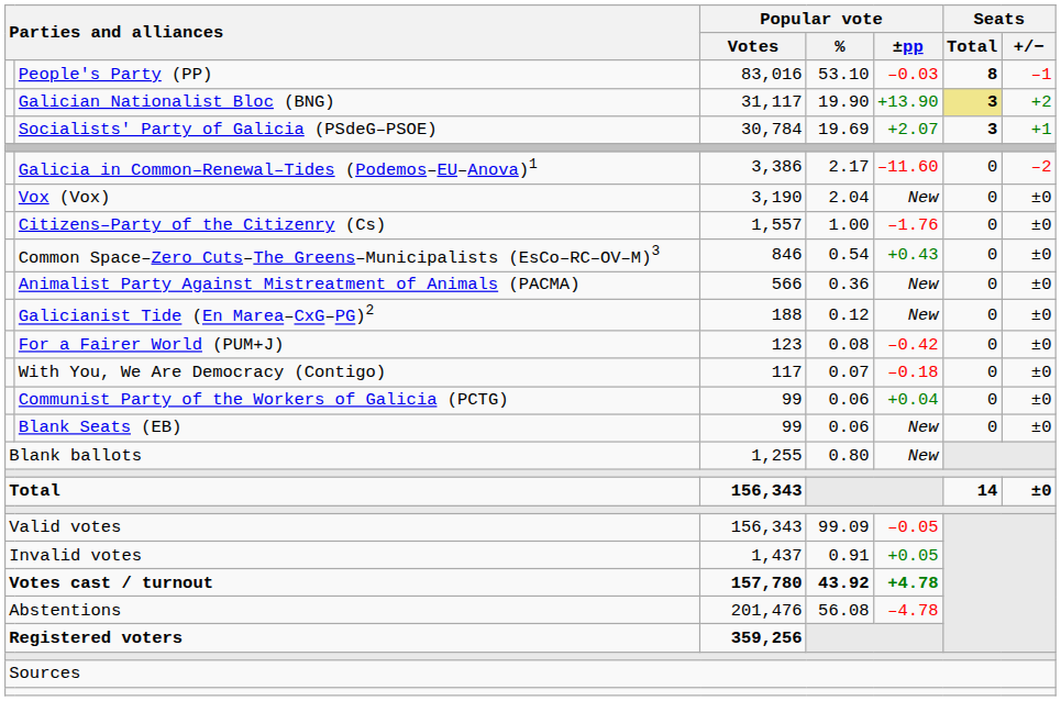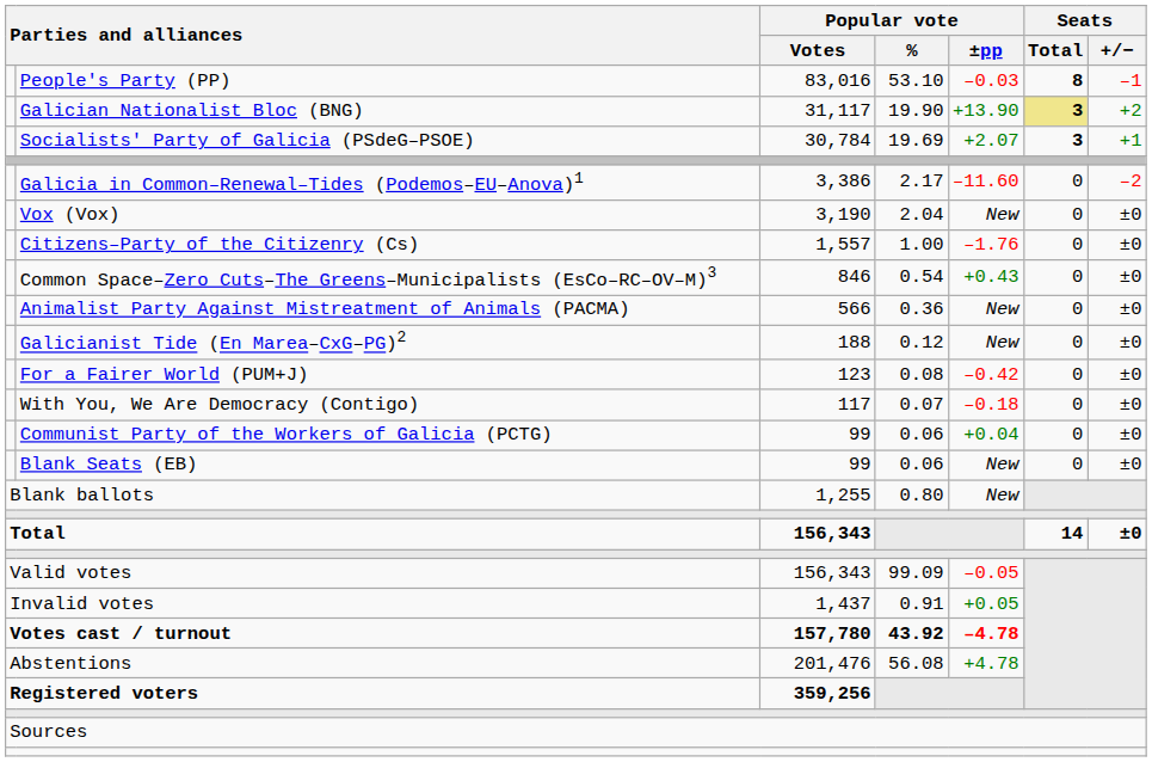 <table class="wikitable" style="text-align:right;">
 <tr>
 <th style="text-align:left;" rowspan="2" colspan="2" width="525">Parties and alliances</th>
 <th colspan="3">Popular vote</th>
 <th colspan="2">Seats</th>
 </tr>
 <tr>
 <th width="75">Votes</th>
 <th width="45">%</th>
 <th width="45">±<a href='#'>pp</a></th>
 <th width="35">Total</th>
 <th width="35">+/−</th>
 </tr>
 <tr>
 <td width="1" style="color:inherit;background:"></td>
 <td align="left"><a href='#'>People's Party</a> (PP)</td>
 <td>83,016</td>
 <td>53.10</td>
 <td style="color:red;">–0.03</td>
 <td><strong>8</strong></td>
 <td style="color:red;">–1</td>
 </tr>
 <tr>
 <td style="color:inherit;background:"></td>
 <td align="left"><a href='#'>Galician Nationalist Bloc</a> (BNG)</td>
 <td>31,117</td>
 <td>19.90</td>
 <td style="color:green;">+13.90</td>
 <td style="background: khaki;"><strong>3</strong></td>
 <td style="color:green;">+2</td>
 </tr>
 <tr>
 <td style="color:inherit;background:"></td>
 <td align="left"><a href='#'>Socialists' Party of Galicia</a> (PSdeG–PSOE)</td>
 <td>30,784</td>
 <td>19.69</td>
 <td style="color:green;">+2.07</td>
 <td><strong>3</strong></td>
 <td style="color:green;">+1</td>
 </tr>
 <tr>
 <td colspan="7" bgcolor="#C0C0C0"></td>
 </tr>
 <tr>
 <td style="color:inherit;background:"></td>
 <td align="left"><a href='#'>Galicia in Common–Renewal–Tides</a> (<a href='#'>Podemos</a>–<a href='#'>EU</a>–<a href='#'>Anova</a>)<sup>1</sup></td>
 <td>3,386</td>
 <td>2.17</td>
 <td style="color:red;">–11.60</td>
 <td>0</td>
 <td style="color:red;">–2</td>
 </tr>
 <tr>
 <td style="color:inherit;background:"></td>
 <td align="left"><a href='#'>Vox</a> (Vox)</td>
 <td>3,190</td>
 <td>2.04</td>
 <td><em>New</em></td>
 <td>0</td>
 <td>±0</td>
 </tr>
 <tr>
 <td style="color:inherit;background:"></td>
 <td align="left"><a href='#'>Citizens–Party of the Citizenry</a> (Cs)</td>
 <td>1,557</td>
 <td>1.00</td>
 <td style="color:red;">–1.76</td>
 <td>0</td>
 <td>±0</td>
 </tr>
 <tr>
 <td style="color:inherit;background:"></td>
 <td align="left">Common Space–<a href='#'>Zero Cuts</a>–<a href='#'>The Greens</a>–Municipalists (EsCo–RC–OV–M)<sup>3</sup></td>
 <td>846</td>
 <td>0.54</td>
 <td style="color:green;">+0.43</td>
 <td>0</td>
 <td>±0</td>
 </tr>
 <tr>
 <td style="color:inherit;background:"></td>
 <td align="left"><a href='#'>Animalist Party Against Mistreatment of Animals</a> (PACMA)</td>
 <td>566</td>
 <td>0.36</td>
 <td><em>New</em></td>
 <td>0</td>
 <td>±0</td>
 </tr>
 <tr>
 <td style="color:inherit;background:"></td>
 <td align="left"><a href='#'>Galicianist Tide</a> (<a href='#'>En Marea</a>–<a href='#'>CxG</a>–<a href='#'>PG</a>)<sup>2</sup></td>
 <td>188</td>
 <td>0.12</td>
 <td><em>New</em></td>
 <td>0</td>
 <td>±0</td>
 </tr>
 <tr>
 <td style="color:inherit;background:"></td>
 <td align="left"><a href='#'>For a Fairer World</a> (PUM+J)</td>
 <td>123</td>
 <td>0.08</td>
 <td style="color:red;">–0.42</td>
 <td>0</td>
 <td>±0</td>
 </tr>
 <tr>
 <td style="color:inherit;background:"></td>
 <td align="left">With You, We Are Democracy (Contigo)</td>
 <td>117</td>
 <td>0.07</td>
 <td style="color:red;">–0.18</td>
 <td>0</td>
 <td>±0</td>
 </tr>
 <tr>
 <td style="color:inherit;background:"></td>
 <td align="left"><a href='#'>Communist Party of the Workers of Galicia</a> (PCTG)</td>
 <td>99</td>
 <td>0.06</td>
 <td style="color:green;">+0.04</td>
 <td>0</td>
 <td>±0</td>
 </tr>
 <tr>
 <td style="color:inherit;background:"></td>
 <td align="left"><a href='#'>Blank Seats</a> (EB)</td>
 <td>99</td>
 <td>0.06</td>
 <td><em>New</em></td>
 <td>0</td>
 <td>±0</td>
 </tr>
 <tr>
 <td align="left" colspan="2">Blank ballots</td>
 <td>1,255</td>
 <td>0.80</td>
 <td><em>New</em></td>
 <td bgcolor="#E9E9E9" colspan="2"></td>
 </tr>
 <tr>
 <td colspan="7" bgcolor="#E9E9E9"></td>
 </tr>
 <tr style="font-weight:bold;">
 <td align="left" colspan="2">Total</td>
 <td>156,343</td>
 <td bgcolor="#E9E9E9" colspan="2"></td>
 <td>14</td>
 <td>±0</td>
 </tr>
 <tr>
 <td colspan="7" bgcolor="#E9E9E9"></td>
 </tr>
 <tr>
 <td align="left" colspan="2">Valid votes</td>
 <td>156,343</td>
 <td>99.09</td>
 <td style="color:red;">–0.05</td>
 <td bgcolor="#E9E9E9" colspan="2" rowspan="5"></td>
 </tr>
 <tr>
 <td align="left" colspan="2">Invalid votes</td>
 <td>1,437</td>
 <td>0.91</td>
 <td style="color:green;">+0.05</td>
 </tr>
 <tr style="font-weight:bold;">
 <td align="left" colspan="2">Votes cast / turnout</td>
 <td>157,780</td>
 <td>43.92</td>
-<td style="color:green;">+4.78</td>
+<td style="color:red;">–4.78</td>
 </tr>
 <tr>
 <td align="left" colspan="2">Abstentions</td>
 <td>201,476</td>
 <td>56.08</td>
-<td style="color:red;">–4.78</td>
+<td style="color:green;">+4.78</td>
 </tr>
 <tr style="font-weight:bold;">
 <td align="left" colspan="2">Registered voters</td>
 <td>359,256</td>
 <td bgcolor="#E9E9E9" colspan="2"></td>
 </tr>
 <tr>
 <td colspan="7" bgcolor="#E9E9E9"></td>
 </tr>
 <tr>
 <td align="left" colspan="7">Sources</td>
 </tr>
 <tr>
 <td colspan="7" style="text-align:left; max-width:790px;"></td>
 </tr>
 </table>
